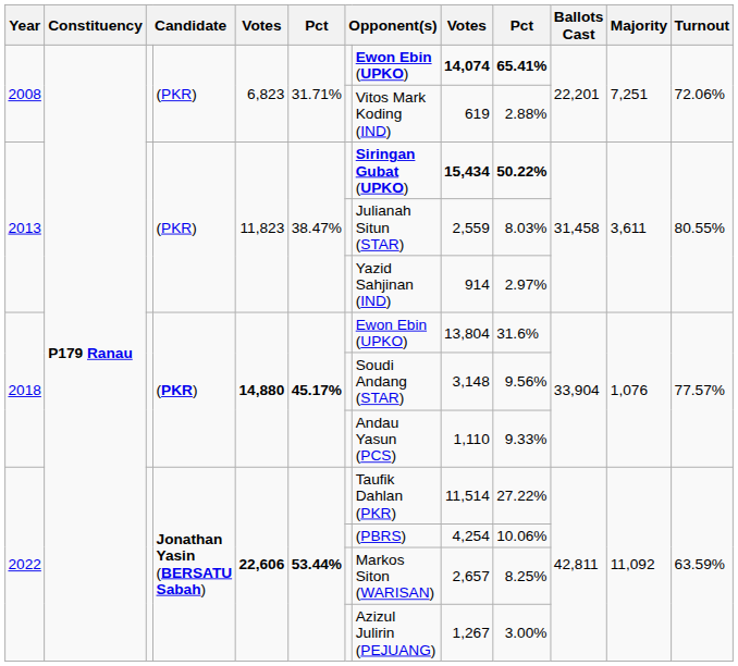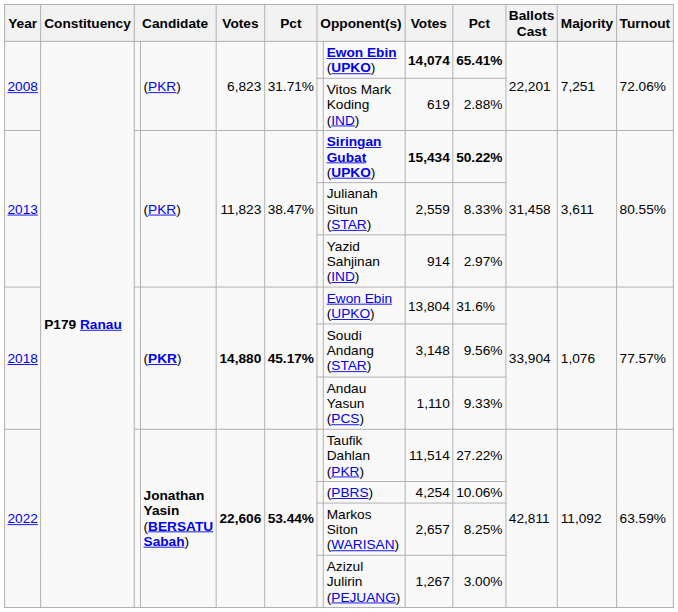 <table class="wikitable" style="margin:0.5em ; font-size:95%">
 <tr>
 <th>Year</th>
 <th>Constituency</th>
 <th colspan=2>Candidate</th>
 <th>Votes</th>
 <th>Pct</th>
 <th colspan=2>Opponent(s)</th>
 <th>Votes</th>
 <th>Pct</th>
 <th>Ballots Cast</th>
 <th>Majority</th>
 <th>Turnout</th>
 </tr>
 <tr>
 <td rowspan=2><a href='#'>2008</a></td>
 <td rowspan=12><strong>P179 <a href='#'>Ranau</a></strong></td>
 <td rowspan=2 ></td>
 <td rowspan=2> (<a href='#'>PKR</a>)</td>
 <td rowspan=2 align="right">6,823</td>
 <td rowspan=2>31.71%</td>
 <td></td>
 <td><strong><a href='#'>Ewon Ebin</a></strong> (<a href='#'><strong>UPKO</strong></a>)</td>
 <td align="right"><strong>14,074</strong></td>
 <td><strong>65.41%</strong></td>
 <td rowspan=2>22,201</td>
 <td rowspan=2>7,251</td>
 <td rowspan=2>72.06%</td>
 </tr>
 <tr>
 <td></td>
 <td>Vitos Mark Koding (<a href='#'>IND</a>)</td>
 <td align="right">619</td>
 <td align="right">2.88%</td>
 </tr>
 <tr>
 <td rowspan=3><a href='#'>2013</a></td>
 <td rowspan=3 ></td>
 <td rowspan=3> (<a href='#'>PKR</a>)</td>
 <td rowspan=3 align="right">11,823</td>
 <td rowspan=3>38.47%</td>
 <td></td>
 <td><strong><a href='#'>Siringan Gubat</a></strong> (<a href='#'><strong>UPKO</strong></a>)</td>
 <td align="right"><strong>15,434</strong></td>
 <td><strong>50.22%</strong></td>
 <td rowspan=3>31,458</td>
 <td rowspan=3>3,611</td>
 <td rowspan=3>80.55%</td>
 </tr>
 <tr>
 <td></td>
 <td>Julianah Situn (<a href='#'>STAR</a>)</td>
 <td align=right>2,559</td>
-<td align=right>8.03%</td>
+<td align=right>8.33%</td>
 </tr>
 <tr>
 <td></td>
 <td>Yazid Sahjinan (<a href='#'>IND</a>)</td>
 <td align=right>914</td>
 <td align=right>2.97%</td>
 </tr>
 <tr>
 <td rowspan=3><a href='#'>2018</a></td>
 <td rowspan=3 ></td>
 <td rowspan=3> (<a href='#'><strong>PKR</strong></a>)</td>
 <td rowspan=3 align="right"><strong>14,880</strong></td>
 <td rowspan=3><strong>45.17%</strong></td>
 <td></td>
 <td><a href='#'>Ewon Ebin</a> (<a href='#'>UPKO</a>)</td>
 <td align="right">13,804</td>
 <td>31.6%</td>
 <td rowspan=3>33,904</td>
 <td rowspan=3>1,076</td>
 <td rowspan=3>77.57%</td>
 </tr>
 <tr>
 <td></td>
 <td>Soudi Andang (<a href='#'>STAR</a>)</td>
 <td align="right">3,148</td>
 <td align="right">9.56%</td>
 </tr>
 <tr>
 <td bgcolor=></td>
 <td>Andau Yasun (<a href='#'>PCS</a>)</td>
 <td align="right">1,110</td>
 <td align="right">9.33%</td>
 </tr>
 <tr>
 <td rowspan=4><a href='#'>2022</a></td>
 <td rowspan=4 ></td>
 <td rowspan=4><strong>Jonathan Yasin</strong> (<a href='#'><strong>BERSATU Sabah</strong></a>)</td>
 <td rowspan=4 align=right><strong>22,606</strong></td>
 <td rowspan=4><strong>53.44%</strong></td>
 <td></td>
 <td>Taufik Dahlan (<a href='#'>PKR</a>)</td>
 <td align=right>11,514</td>
 <td>27.22%</td>
 <td rowspan=4>42,811</td>
 <td rowspan=4>11,092</td>
 <td rowspan=4>63.59%</td>
 </tr>
 <tr>
 <td bgcolor=></td>
 <td> (<a href='#'>PBRS</a>)</td>
 <td align="right">4,254</td>
 <td>10.06%</td>
 </tr>
 <tr>
 <td></td>
 <td>Markos Siton (<a href='#'>WARISAN</a>)</td>
 <td align="right">2,657</td>
 <td align="right">8.25%</td>
 </tr>
 <tr>
 <td bgcolor=></td>
 <td>Azizul Julirin (<a href='#'>PEJUANG</a>)</td>
 <td align="right">1,267</td>
 <td align="right">3.00%</td>
 </tr>
 </table>
